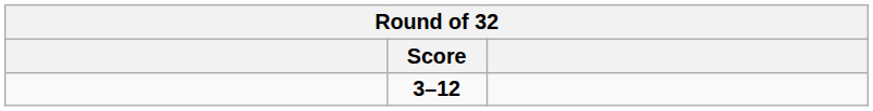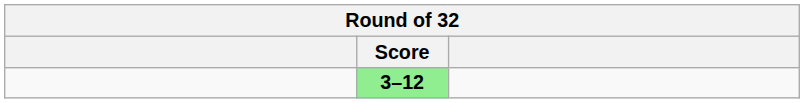 <table class="wikitable" style="text-align: center; font-size:90% ">
 <tr>
 <th colspan=3>Round of 32</th>
 </tr>
 <tr>
 <th align="right" width="250"></th>
 <th width="60">Score</th>
 <th align="left" width="250"></th>
 </tr>
 <tr>
 <td align=left></td>
-<td align=center><strong>3–12</strong></td>
+<td align=center style="background: lightgreen;"><strong>3–12</strong></td>
 <td align=left><strong></strong></td>
 </tr>
 </table>
